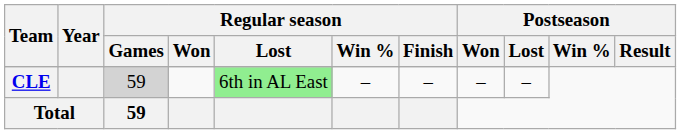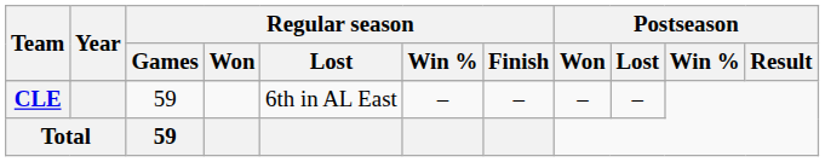 <table class="wikitable" style="font-size: 95%; text-align:center;">
 <tr>
 <th rowspan="2">Team</th>
 <th rowspan="2">Year</th>
 <th colspan="5">Regular season</th>
 <th colspan="4">Postseason</th>
 </tr>
 <tr>
 <th>Games</th>
 <th>Won</th>
 <th>Lost</th>
 <th>Win %</th>
 <th>Finish</th>
 <th>Won</th>
 <th>Lost</th>
 <th>Win %</th>
 <th>Result</th>
 </tr>
 <tr>
 </tr>
 <tr>
 <th><a href='#'>CLE</a></th>
 <th></th>
-<td style="background: lightgrey;">59</td>
+<td>59</td>
 <td></td>
-<td style="background: lightgreen;">6th in AL East</td>
+<td>6th in AL East</td>
 <td>–</td>
 <td>–</td>
 <td>–</td>
 <td>–</td>
 </tr>
 <tr>
 <th colspan="2">Total</th>
 <th>59</th>
 <th></th>
 <th></th>
 <th></th>
 <th></th>
 </tr>
 </table>
